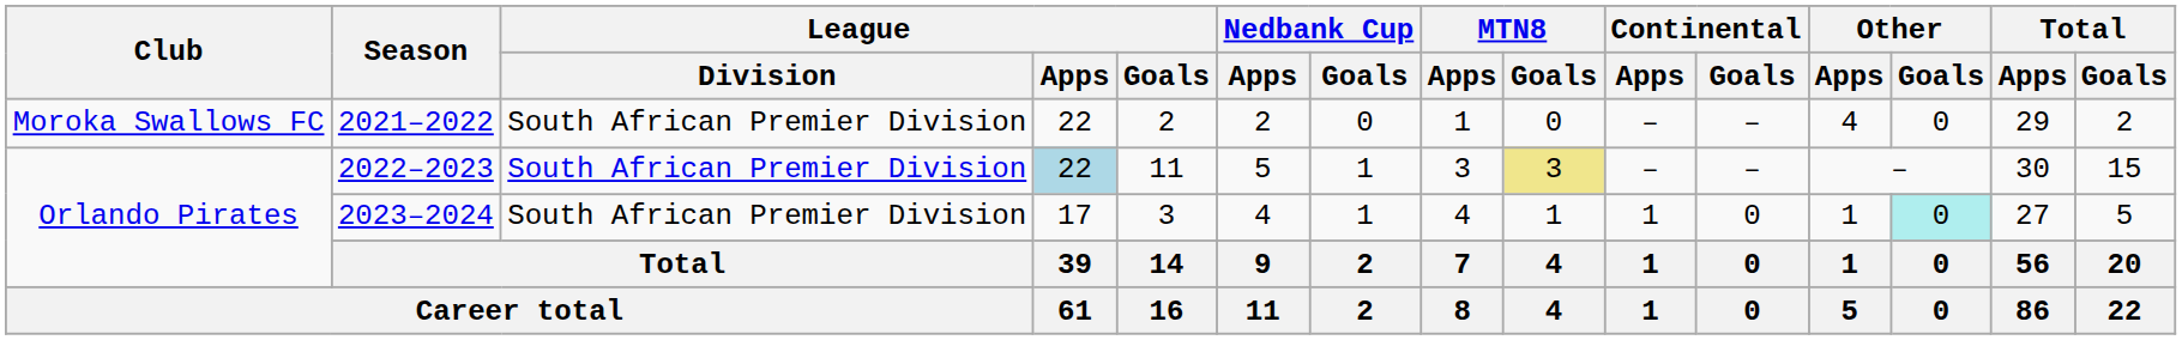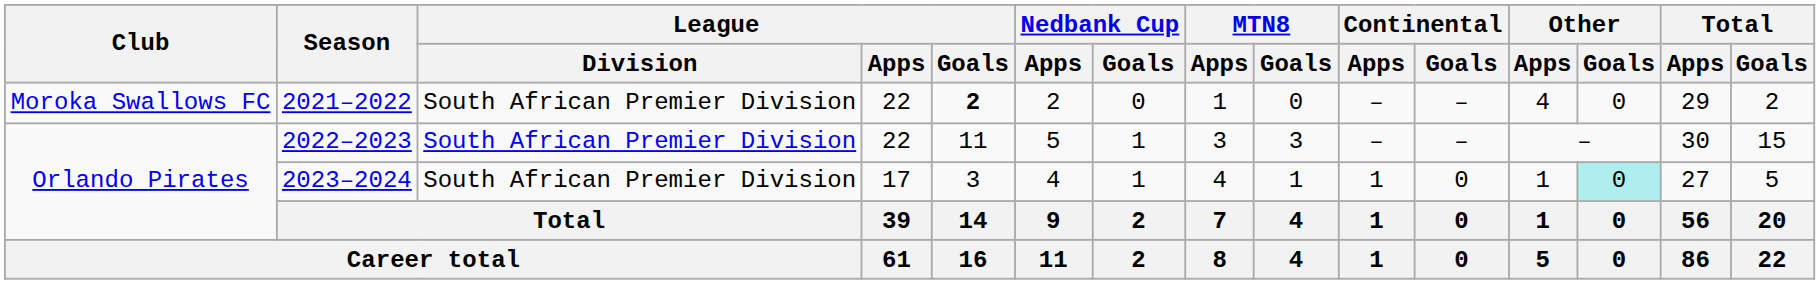 <table class="wikitable" style="text-align: center">
 <tr>
 <th rowspan="2">Club</th>
 <th rowspan="2">Season</th>
 <th colspan="3">League</th>
 <th colspan="2"><a href='#'>Nedbank Cup</a></th>
 <th colspan="2"><a href='#'>MTN8</a></th>
 <th colspan="2">Continental</th>
 <th colspan="2">Other</th>
 <th colspan="2">Total</th>
 </tr>
 <tr>
 <th>Division</th>
 <th>Apps</th>
 <th>Goals</th>
 <th>Apps</th>
 <th>Goals</th>
 <th>Apps</th>
 <th>Goals</th>
 <th>Apps</th>
 <th>Goals</th>
 <th>Apps</th>
 <th>Goals</th>
 <th>Apps</th>
 <th>Goals</th>
 </tr>
 <tr>
 <td><a href='#'>Moroka Swallows FC</a></td>
 <td><a href='#'>2021–2022</a></td>
 <td>South African Premier Division</td>
 <td>22</td>
-<td>2</td>
+<td><strong>2</strong></td>
 <td>2</td>
 <td>0</td>
 <td>1</td>
 <td>0</td>
 <td>–</td>
 <td>–</td>
 <td>4</td>
 <td>0</td>
 <td>29</td>
 <td>2</td>
 </tr>
 <tr>
 <td rowspan="3"><a href='#'>Orlando Pirates</a></td>
 <td><a href='#'>2022–2023</a></td>
 <td><a href='#'>South African Premier Division</a></td>
-<td style="background: lightblue;">22</td>
+<td>22</td>
 <td>11</td>
 <td>5</td>
 <td>1</td>
 <td>3</td>
-<td style="background: khaki;">3</td>
+<td>3</td>
 <td>–</td>
 <td>–</td>
 <td colspan="2">–</td>
 <td>30</td>
 <td>15</td>
 </tr>
 <tr>
 <td><a href='#'>2023–2024</a></td>
 <td>South African Premier Division</td>
 <td>17</td>
 <td>3</td>
 <td>4</td>
 <td>1</td>
 <td>4</td>
 <td>1</td>
 <td>1</td>
 <td>0</td>
 <td>1</td>
 <td style="background: paleturquoise;">0</td>
 <td>27</td>
 <td>5</td>
 </tr>
 <tr>
 <th colspan="2">Total</th>
 <th>39</th>
 <th>14</th>
 <th>9</th>
 <th>2</th>
 <th>7</th>
 <th>4</th>
 <th>1</th>
 <th>0</th>
 <th>1</th>
 <th>0</th>
 <th>56</th>
 <th>20</th>
 </tr>
 <tr>
 <th colspan="3">Career total</th>
 <th>61</th>
 <th>16</th>
 <th>11</th>
 <th>2</th>
 <th>8</th>
 <th>4</th>
 <th>1</th>
 <th>0</th>
 <th>5</th>
 <th>0</th>
 <th>86</th>
 <th>22</th>
 </tr>
 </table>
